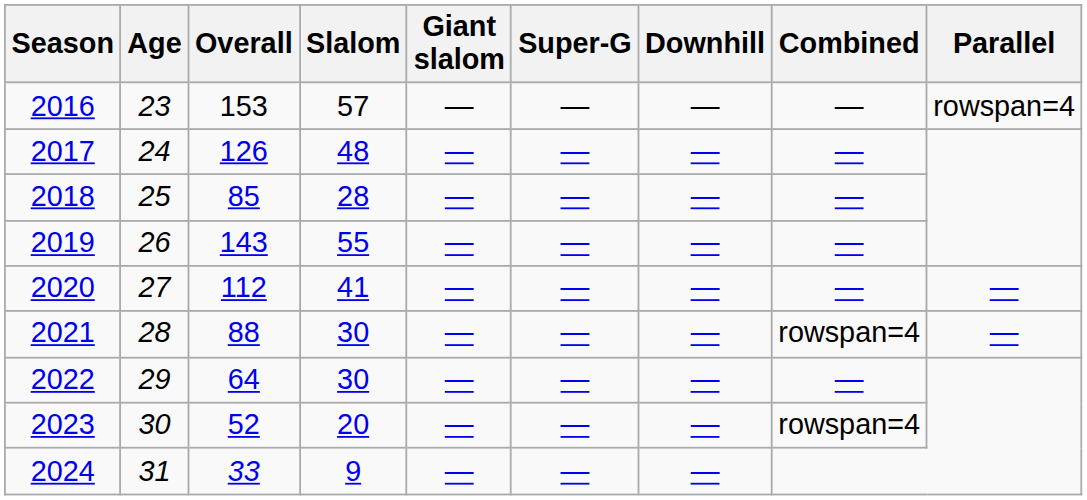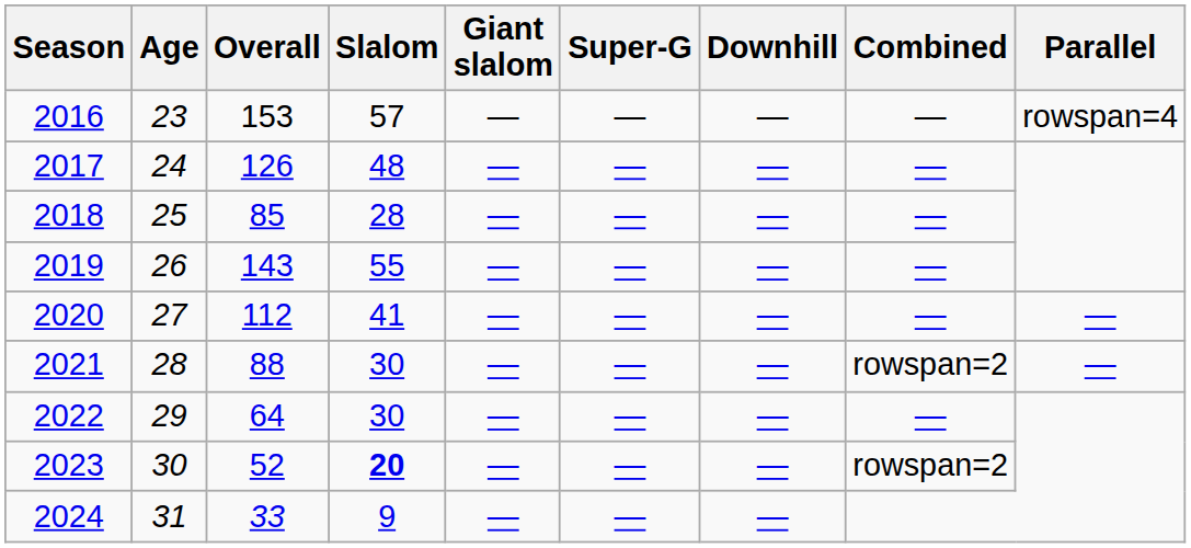 <table class=wikitable style="text-align:center">
 <tr>
 <th>Season</th>
 <th>Age</th>
 <th>Overall</th>
 <th>Slalom</th>
 <th>Giant<br>slalom</th>
 <th>Super-G</th>
 <th>Downhill</th>
 <th>Combined</th>
 <th>Parallel</th>
 </tr>
 <tr>
 <td><a href='#'>2016</a></td>
 <td><em>23</em></td>
 <td>153</td>
 <td>57</td>
 <td>—</td>
 <td>—</td>
 <td>—</td>
 <td>—</td>
 <td>rowspan=4 </td>
 </tr>
 <tr>
 <td><a href='#'>2017</a></td>
 <td><em>24</em></td>
 <td><a href='#'>126</a></td>
 <td><a href='#'>48</a></td>
 <td><a href='#'>—</a></td>
 <td><a href='#'>—</a></td>
 <td><a href='#'>—</a></td>
 <td><a href='#'>—</a></td>
 </tr>
 <tr>
 <td><a href='#'>2018</a></td>
 <td><em>25</em></td>
 <td><a href='#'>85</a></td>
 <td><a href='#'>28</a></td>
 <td><a href='#'>—</a></td>
 <td><a href='#'>—</a></td>
 <td><a href='#'>—</a></td>
 <td><a href='#'>—</a></td>
 </tr>
 <tr>
 <td><a href='#'>2019</a></td>
 <td><em>26</em></td>
 <td><a href='#'>143</a></td>
 <td><a href='#'>55</a></td>
 <td><a href='#'>—</a></td>
 <td><a href='#'>—</a></td>
 <td><a href='#'>—</a></td>
 <td><a href='#'>—</a></td>
 </tr>
 <tr>
 <td><a href='#'>2020</a></td>
 <td><em>27</em></td>
 <td><a href='#'>112</a></td>
 <td><a href='#'>41</a></td>
 <td><a href='#'>—</a></td>
 <td><a href='#'>—</a></td>
 <td><a href='#'>—</a></td>
 <td><a href='#'>—</a></td>
 <td><a href='#'>—</a></td>
 </tr>
 <tr>
 <td><a href='#'>2021</a></td>
 <td><em>28</em></td>
 <td><a href='#'>88</a></td>
 <td><a href='#'>30</a></td>
 <td><a href='#'>—</a></td>
 <td><a href='#'>—</a></td>
 <td><a href='#'>—</a></td>
-<td>rowspan=4 </td>
+<td>rowspan=2 </td>
 <td><a href='#'>—</a></td>
 </tr>
 <tr>
 <td><a href='#'>2022</a></td>
 <td><em>29</em></td>
 <td><a href='#'>64</a></td>
 <td><a href='#'>30</a></td>
 <td><a href='#'>—</a></td>
 <td><a href='#'>—</a></td>
 <td><a href='#'>—</a></td>
 <td><a href='#'>—</a></td>
 </tr>
 <tr>
 <td><a href='#'>2023</a></td>
 <td><em>30</em></td>
 <td><a href='#'>52</a></td>
-<td><a href='#'>20</a></td>
+<td><strong><a href='#'>20</a></strong></td>
 <td><a href='#'>—</a></td>
 <td><a href='#'>—</a></td>
 <td><a href='#'>—</a></td>
-<td>rowspan=4 </td>
+<td>rowspan=2 </td>
 </tr>
 <tr>
 <td><a href='#'>2024</a></td>
 <td><em>31</em></td>
 <td><a href='#'><em>33</em></a></td>
 <td><a href='#'>9</a></td>
 <td><a href='#'>—</a></td>
 <td><a href='#'>—</a></td>
 <td><a href='#'>—</a></td>
 </tr>
 </table>
